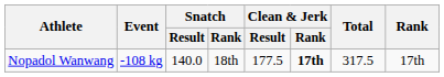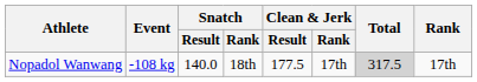 <table class="wikitable" style="font-size:90%">
 <tr>
 <th rowspan="2">Athlete</th>
 <th rowspan="2">Event</th>
 <th colspan="2">Snatch</th>
 <th colspan="2">Clean & Jerk</th>
 <th rowspan="2" width=50>Total</th>
 <th rowspan="2" width=50>Rank</th>
 </tr>
 <tr style="font-size:95%">
 <th>Result</th>
 <th>Rank</th>
 <th>Result</th>
 <th>Rank</th>
 </tr>
 <tr>
 <td><a href='#'>Nopadol Wanwang</a></td>
 <td><a href='#'>-108 kg</a></td>
 <td align=center>140.0</td>
 <td align=center>18th</td>
 <td align=center>177.5</td>
-<td align=center><strong>17th</strong></td>
-<td align=center>317.5</td>
+<td align=center>17th</td>
+<td align=center style="background: lightgrey;">317.5</td>
 <td align=center>17th</td>
 </tr>
 </table>
